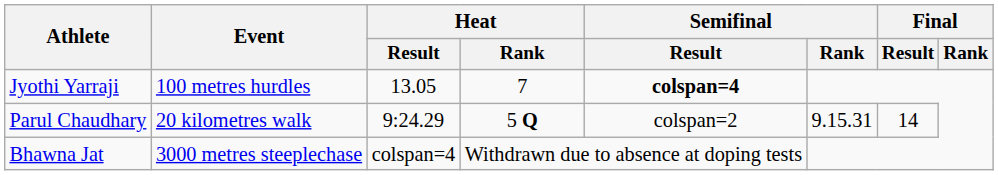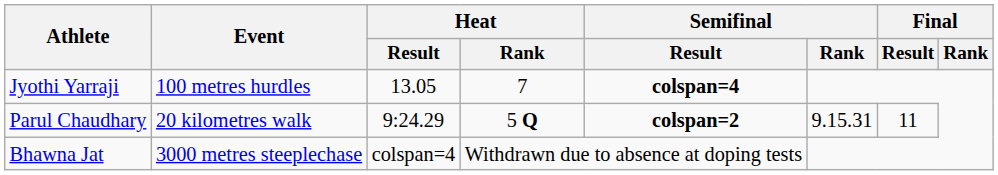 <table class="wikitable" style="font-size:90%">
 <tr>
 <th rowspan="2">Athlete</th>
 <th rowspan="2">Event</th>
 <th colspan="2">Heat</th>
 <th colspan="2">Semifinal</th>
 <th colspan="2">Final</th>
 </tr>
 <tr style="font-size:95%">
 <th>Result</th>
 <th>Rank</th>
 <th>Result</th>
 <th>Rank</th>
 <th>Result</th>
 <th>Rank</th>
 </tr>
 <tr style=text-align:center>
 <td style=text-align:left><a href='#'>Jyothi Yarraji</a></td>
 <td style=text-align:left><a href='#'>100 metres hurdles</a></td>
 <td>13.05</td>
 <td>7</td>
 <td><strong>colspan=4 </strong></td>
 </tr>
 <tr style=text-align:center>
 <td style=text-align:left><a href='#'>Parul Chaudhary</a></td>
 <td style=text-align:left><a href='#'>20 kilometres walk</a></td>
 <td>9:24.29 </td>
 <td>5 <strong>Q</strong></td>
-<td>colspan=2</td>
+<td><strong>colspan=2</strong></td>
 <td>9.15.31 </td>
-<td>14</td>
+<td>11</td>
 </tr>
 <tr style=text-align:center>
 <td style=text-align:left><a href='#'>Bhawna Jat</a></td>
 <td style=text-align:left><a href='#'>3000 metres steeplechase</a></td>
 <td>colspan=4 </td>
 <td colspan="2">Withdrawn due to absence at doping tests</td>
 </tr>
 </table>
